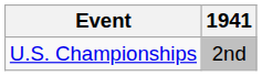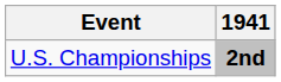 <table class="wikitable">
 <tr>
 <th>Event</th>
 <th>1941</th>
 </tr>
 <tr>
 <td><a href='#'>U.S. Championships</a></td>
-<td align="center" bgcolor="silver">2nd</td>
+<td align="center" bgcolor="silver"><strong>2nd</strong></td>
 </tr>
 </table>
